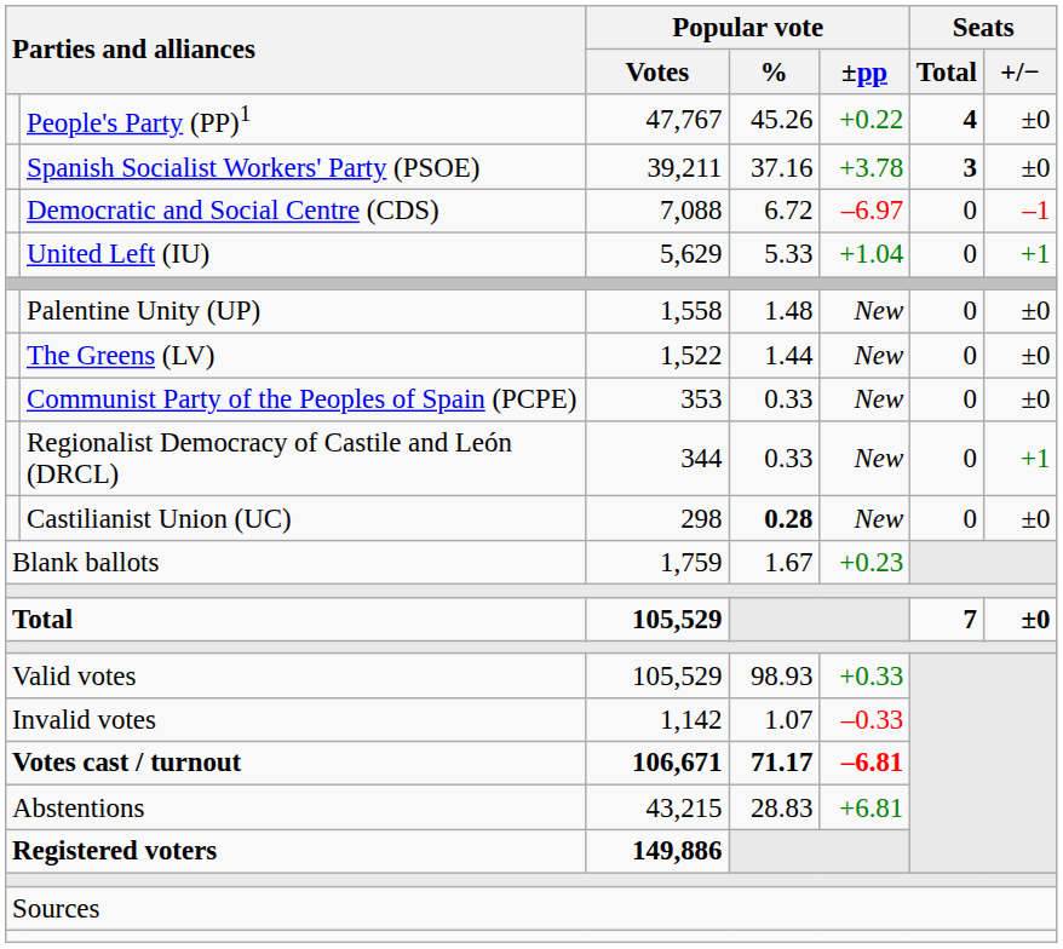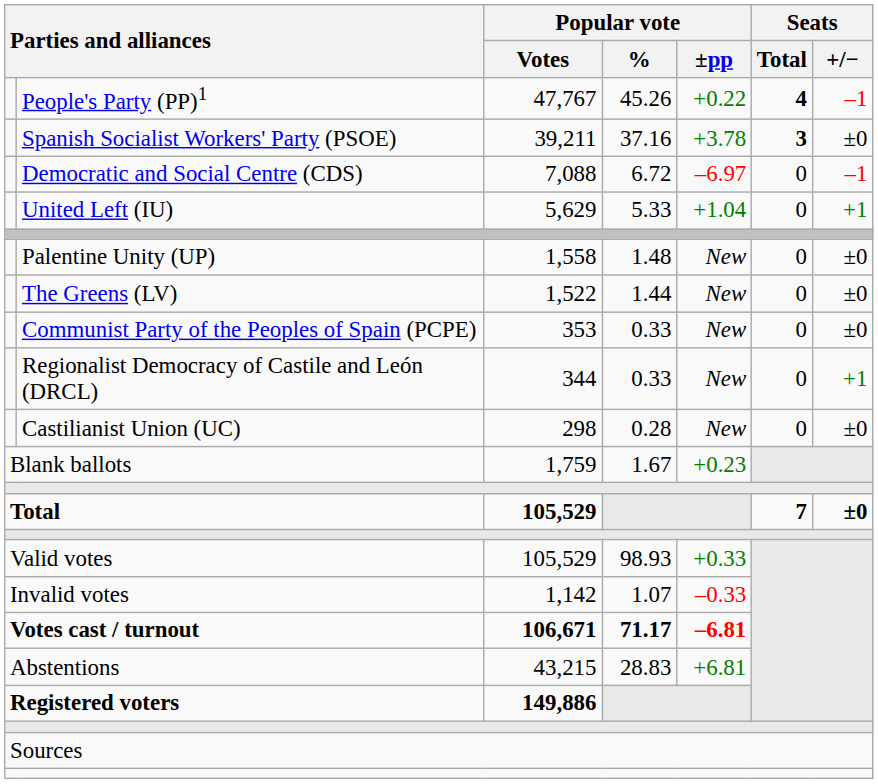 <table class="wikitable" style="text-align:right;">
 <tr>
 <th style="text-align:left;" rowspan="2" colspan="2" width="525">Parties and alliances</th>
 <th colspan="3">Popular vote</th>
 <th colspan="2">Seats</th>
 </tr>
 <tr>
 <th width="75">Votes</th>
 <th width="45">%</th>
 <th width="45">±<a href='#'>pp</a></th>
 <th width="35">Total</th>
 <th width="35">+/−</th>
 </tr>
 <tr>
 <td width="1" style="color:inherit;background:"></td>
 <td align="left"><a href='#'>People's Party</a> (PP)<sup>1</sup></td>
 <td>47,767</td>
 <td>45.26</td>
 <td style="color:green;">+0.22</td>
 <td><strong>4</strong></td>
-<td>±0</td>
+<td style="color:red;">–1</td>
 </tr>
 <tr>
 <td style="color:inherit;background:"></td>
 <td align="left"><a href='#'>Spanish Socialist Workers' Party</a> (PSOE)</td>
 <td>39,211</td>
 <td>37.16</td>
 <td style="color:green;">+3.78</td>
 <td><strong>3</strong></td>
 <td>±0</td>
 </tr>
 <tr>
 <td style="color:inherit;background:"></td>
 <td align="left"><a href='#'>Democratic and Social Centre</a> (CDS)</td>
 <td>7,088</td>
 <td>6.72</td>
 <td style="color:red;">–6.97</td>
 <td>0</td>
 <td style="color:red;">–1</td>
 </tr>
 <tr>
 <td style="color:inherit;background:"></td>
 <td align="left"><a href='#'>United Left</a> (IU)</td>
 <td>5,629</td>
 <td>5.33</td>
 <td style="color:green;">+1.04</td>
 <td>0</td>
 <td style="color:green;">+1</td>
 </tr>
 <tr>
 <td colspan="7" bgcolor="#C0C0C0"></td>
 </tr>
 <tr>
 <td style="color:inherit;background:"></td>
 <td align="left">Palentine Unity (UP)</td>
 <td>1,558</td>
 <td>1.48</td>
 <td><em>New</em></td>
 <td>0</td>
 <td>±0</td>
 </tr>
 <tr>
 <td style="color:inherit;background:"></td>
 <td align="left"><a href='#'>The Greens</a> (LV)</td>
 <td>1,522</td>
 <td>1.44</td>
 <td><em>New</em></td>
 <td>0</td>
 <td>±0</td>
 </tr>
 <tr>
 <td style="color:inherit;background:"></td>
 <td align="left"><a href='#'>Communist Party of the Peoples of Spain</a> (PCPE)</td>
 <td>353</td>
 <td>0.33</td>
 <td><em>New</em></td>
 <td>0</td>
 <td>±0</td>
 </tr>
 <tr>
 <td style="color:inherit;background:"></td>
 <td align="left">Regionalist Democracy of Castile and León (DRCL)</td>
 <td>344</td>
 <td>0.33</td>
 <td><em>New</em></td>
 <td>0</td>
 <td style="color:green;">+1</td>
 </tr>
 <tr>
 <td style="color:inherit;background:"></td>
 <td align="left">Castilianist Union (UC)</td>
 <td>298</td>
-<td><strong>0.28</strong></td>
+<td>0.28</td>
 <td><em>New</em></td>
 <td>0</td>
 <td>±0</td>
 </tr>
 <tr>
 <td align="left" colspan="2">Blank ballots</td>
 <td>1,759</td>
 <td>1.67</td>
 <td style="color:green;">+0.23</td>
 <td bgcolor="#E9E9E9" colspan="2"></td>
 </tr>
 <tr>
 <td colspan="7" bgcolor="#E9E9E9"></td>
 </tr>
 <tr style="font-weight:bold;">
 <td align="left" colspan="2">Total</td>
 <td>105,529</td>
 <td bgcolor="#E9E9E9" colspan="2"></td>
 <td>7</td>
 <td>±0</td>
 </tr>
 <tr>
 <td colspan="7" bgcolor="#E9E9E9"></td>
 </tr>
 <tr>
 <td align="left" colspan="2">Valid votes</td>
 <td>105,529</td>
 <td>98.93</td>
 <td style="color:green;">+0.33</td>
 <td bgcolor="#E9E9E9" colspan="2" rowspan="5"></td>
 </tr>
 <tr>
 <td align="left" colspan="2">Invalid votes</td>
 <td>1,142</td>
 <td>1.07</td>
 <td style="color:red;">–0.33</td>
 </tr>
 <tr style="font-weight:bold;">
 <td align="left" colspan="2">Votes cast / turnout</td>
 <td>106,671</td>
 <td>71.17</td>
 <td style="color:red;">–6.81</td>
 </tr>
 <tr>
 <td align="left" colspan="2">Abstentions</td>
 <td>43,215</td>
 <td>28.83</td>
 <td style="color:green;">+6.81</td>
 </tr>
 <tr style="font-weight:bold;">
 <td align="left" colspan="2">Registered voters</td>
 <td>149,886</td>
 <td bgcolor="#E9E9E9" colspan="2"></td>
 </tr>
 <tr>
 <td colspan="7" bgcolor="#E9E9E9"></td>
 </tr>
 <tr>
 <td align="left" colspan="7">Sources</td>
 </tr>
 <tr>
 <td colspan="7" style="text-align:left; max-width:790px;"></td>
 </tr>
 </table>
